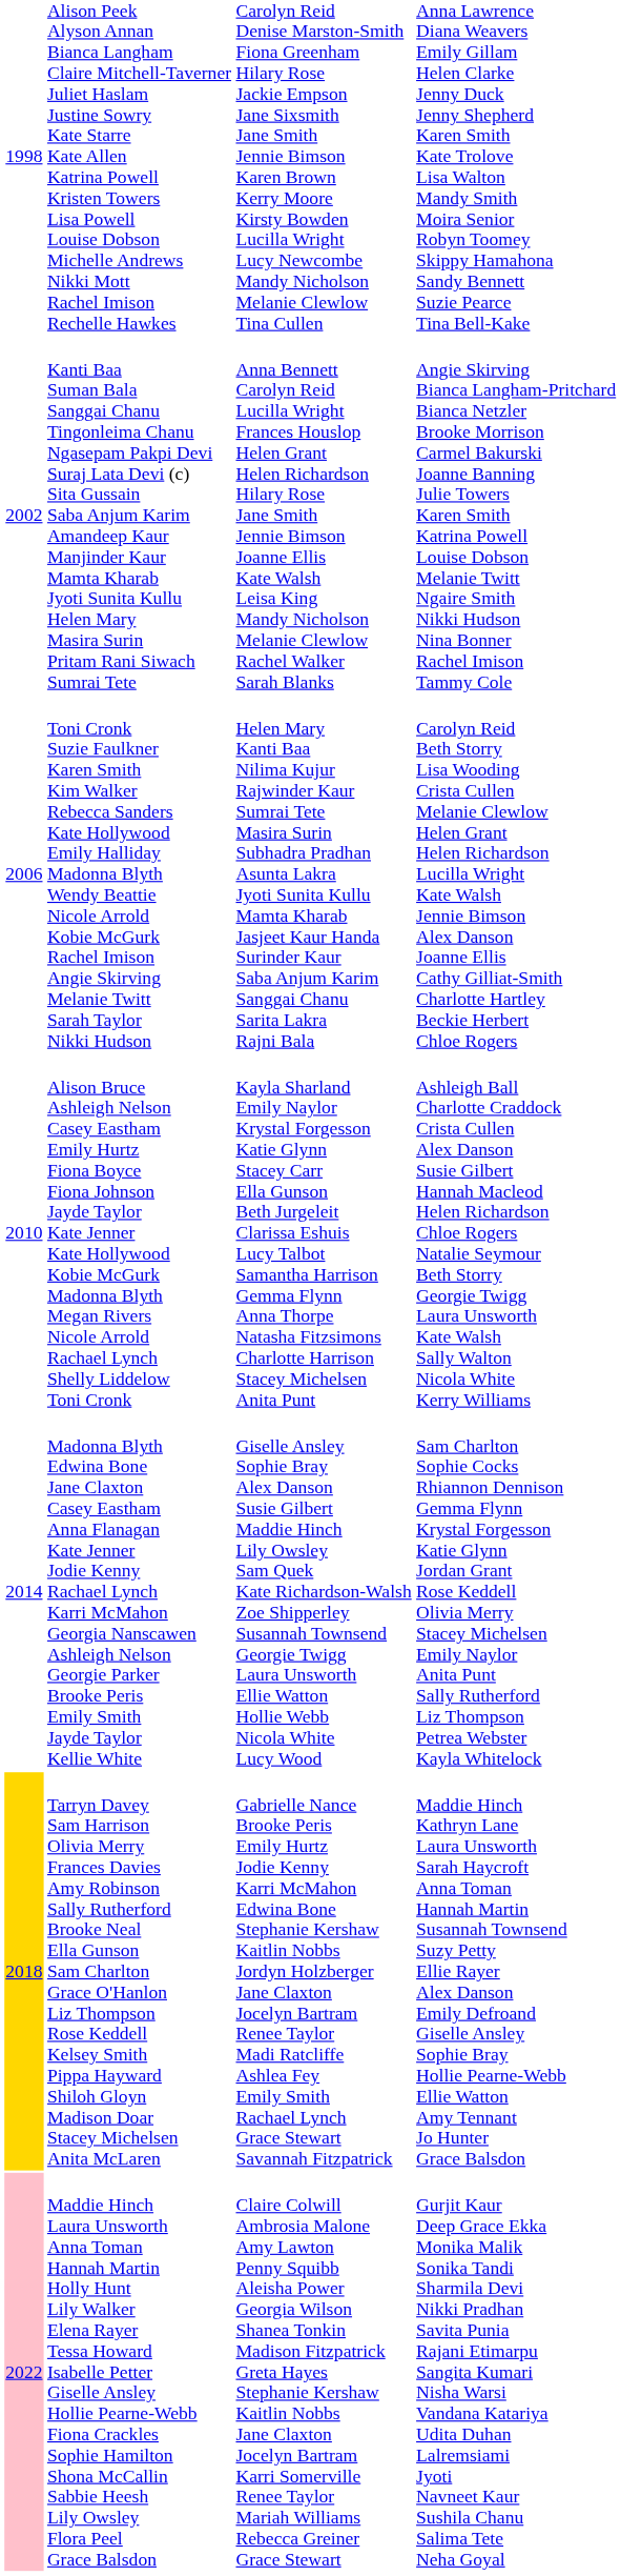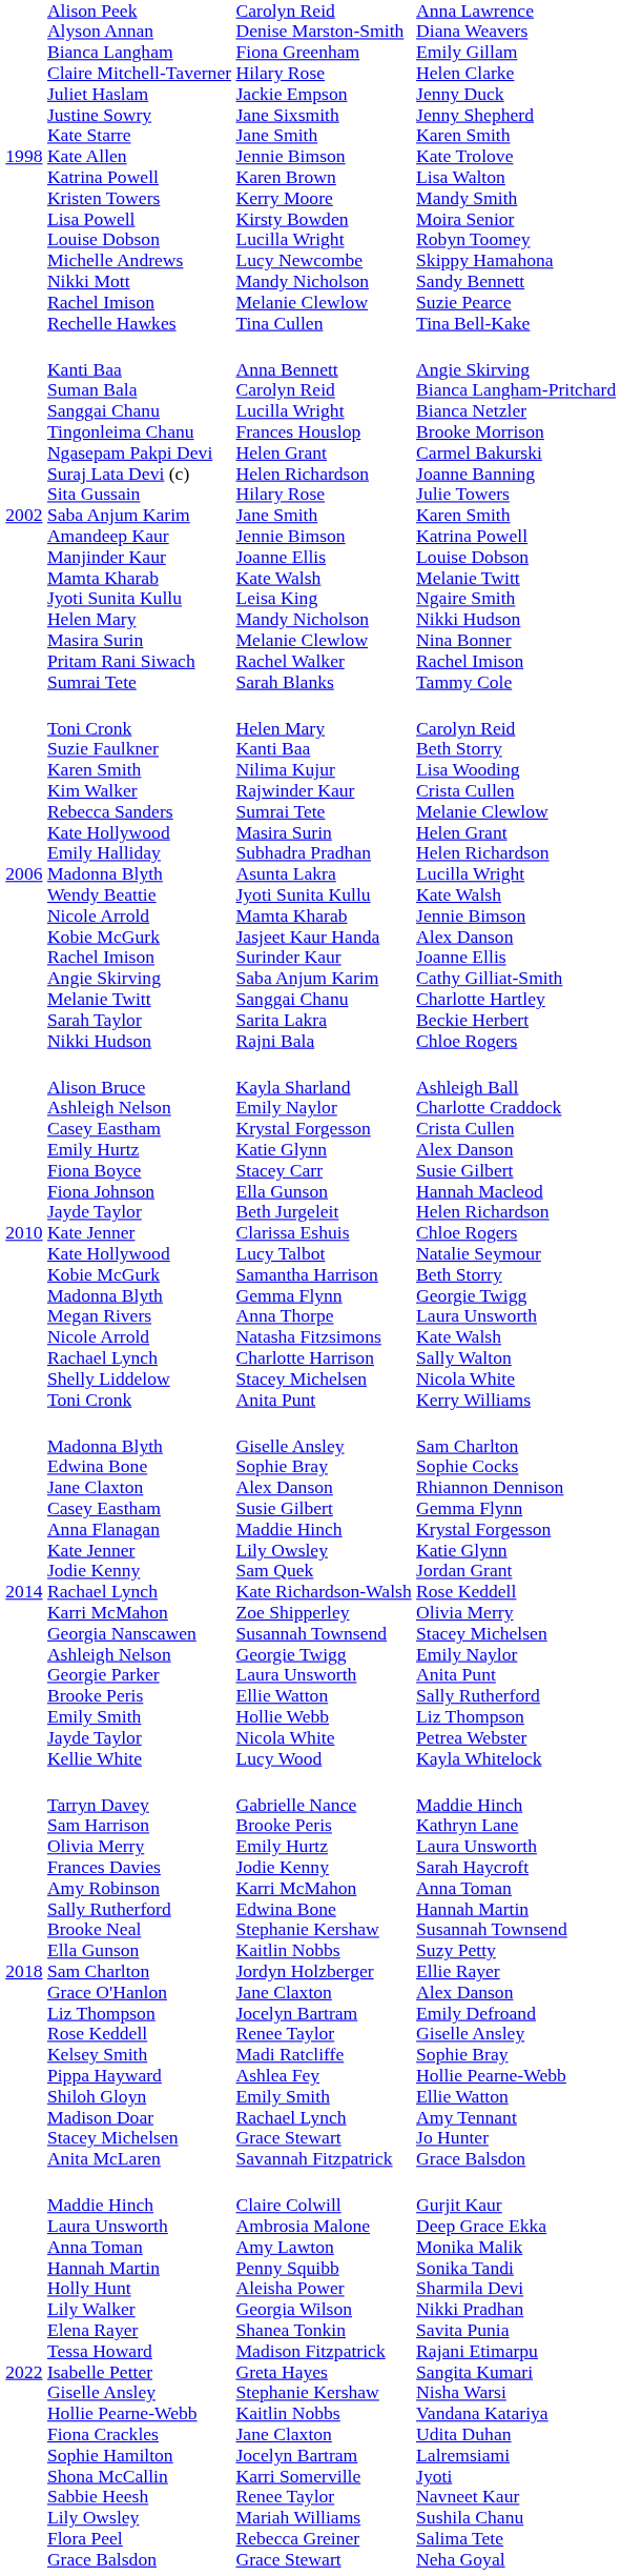 <table>
 <tr>
 <td><a href='#'>1998</a></td>
 <td><br><a href='#'>Alison Peek</a><br><a href='#'>Alyson Annan</a><br><a href='#'>Bianca Langham</a><br><a href='#'>Claire Mitchell-Taverner</a><br><a href='#'>Juliet Haslam</a><br><a href='#'>Justine Sowry</a><br><a href='#'>Kate Starre</a><br><a href='#'>Kate Allen</a><br><a href='#'>Katrina Powell</a><br><a href='#'>Kristen Towers</a><br><a href='#'>Lisa Powell</a><br><a href='#'>Louise Dobson</a><br><a href='#'>Michelle Andrews</a><br><a href='#'>Nikki Mott</a><br><a href='#'>Rachel Imison</a><br><a href='#'>Rechelle Hawkes</a></td>
 <td><br><a href='#'>Carolyn Reid</a><br><a href='#'>Denise Marston-Smith</a><br><a href='#'>Fiona Greenham</a><br><a href='#'>Hilary Rose</a><br><a href='#'>Jackie Empson</a><br><a href='#'>Jane Sixsmith</a><br><a href='#'>Jane Smith</a><br><a href='#'>Jennie Bimson</a><br><a href='#'>Karen Brown</a><br><a href='#'>Kerry Moore</a><br><a href='#'>Kirsty Bowden</a><br><a href='#'>Lucilla Wright</a><br><a href='#'>Lucy Newcombe</a><br><a href='#'>Mandy Nicholson</a><br><a href='#'>Melanie Clewlow</a><br><a href='#'>Tina Cullen</a></td>
 <td><br><a href='#'>Anna Lawrence</a><br><a href='#'>Diana Weavers</a><br><a href='#'>Emily Gillam</a><br><a href='#'>Helen Clarke</a><br><a href='#'>Jenny Duck</a><br><a href='#'>Jenny Shepherd</a><br><a href='#'>Karen Smith</a><br><a href='#'>Kate Trolove</a><br><a href='#'>Lisa Walton</a><br><a href='#'>Mandy Smith</a><br><a href='#'>Moira Senior</a><br><a href='#'>Robyn Toomey</a><br><a href='#'>Skippy Hamahona</a><br><a href='#'>Sandy Bennett</a><br><a href='#'>Suzie Pearce</a><br><a href='#'>Tina Bell-Kake</a></td>
 </tr>
 <tr>
 <td><a href='#'>2002</a></td>
 <td><br><a href='#'>Kanti Baa</a><br><a href='#'>Suman Bala</a><br><a href='#'>Sanggai Chanu</a><br><a href='#'>Tingonleima Chanu</a><br><a href='#'>Ngasepam Pakpi Devi</a><br><a href='#'>Suraj Lata Devi</a> (c)<br><a href='#'>Sita Gussain</a><br><a href='#'>Saba Anjum Karim</a><br><a href='#'>Amandeep Kaur</a><br><a href='#'>Manjinder Kaur</a><br><a href='#'>Mamta Kharab</a><br><a href='#'>Jyoti Sunita Kullu</a><br><a href='#'>Helen Mary</a><br><a href='#'>Masira Surin</a><br><a href='#'>Pritam Rani Siwach</a><br><a href='#'>Sumrai Tete</a></td>
 <td><br><a href='#'>Anna Bennett</a><br><a href='#'>Carolyn Reid</a><br><a href='#'>Lucilla Wright</a><br><a href='#'>Frances Houslop</a><br><a href='#'>Helen Grant</a><br><a href='#'>Helen Richardson</a><br><a href='#'>Hilary Rose</a><br><a href='#'>Jane Smith</a><br><a href='#'>Jennie Bimson</a><br><a href='#'>Joanne Ellis</a><br><a href='#'>Kate Walsh</a><br><a href='#'>Leisa King</a><br><a href='#'>Mandy Nicholson</a><br><a href='#'>Melanie Clewlow</a><br><a href='#'>Rachel Walker</a><br><a href='#'>Sarah Blanks</a></td>
 <td><br><a href='#'>Angie Skirving</a><br><a href='#'>Bianca Langham-Pritchard</a><br><a href='#'>Bianca Netzler</a><br><a href='#'>Brooke Morrison</a><br><a href='#'>Carmel Bakurski</a><br><a href='#'>Joanne Banning</a><br><a href='#'>Julie Towers</a><br><a href='#'>Karen Smith</a><br><a href='#'>Katrina Powell</a><br><a href='#'>Louise Dobson</a><br><a href='#'>Melanie Twitt</a><br><a href='#'>Ngaire Smith</a><br><a href='#'>Nikki Hudson</a><br><a href='#'>Nina Bonner</a><br><a href='#'>Rachel Imison</a><br><a href='#'>Tammy Cole</a></td>
 </tr>
 <tr>
 <td><a href='#'>2006</a></td>
 <td><br><a href='#'>Toni Cronk</a><br><a href='#'>Suzie Faulkner</a><br><a href='#'>Karen Smith</a><br><a href='#'>Kim Walker</a><br><a href='#'>Rebecca Sanders</a><br><a href='#'>Kate Hollywood</a><br><a href='#'>Emily Halliday</a><br><a href='#'>Madonna Blyth</a><br><a href='#'>Wendy Beattie</a><br><a href='#'>Nicole Arrold</a><br><a href='#'>Kobie McGurk</a><br><a href='#'>Rachel Imison</a><br><a href='#'>Angie Skirving</a><br><a href='#'>Melanie Twitt</a><br><a href='#'>Sarah Taylor</a><br><a href='#'>Nikki Hudson</a></td>
 <td><br><a href='#'>Helen Mary</a><br><a href='#'>Kanti Baa</a><br><a href='#'>Nilima Kujur</a><br><a href='#'>Rajwinder Kaur</a><br><a href='#'>Sumrai Tete</a><br><a href='#'>Masira Surin</a><br><a href='#'>Subhadra Pradhan</a><br><a href='#'>Asunta Lakra</a><br><a href='#'>Jyoti Sunita Kullu</a><br><a href='#'>Mamta Kharab</a><br><a href='#'>Jasjeet Kaur Handa</a><br><a href='#'>Surinder Kaur</a><br><a href='#'>Saba Anjum Karim</a><br><a href='#'>Sanggai Chanu</a><br><a href='#'>Sarita Lakra</a><br><a href='#'>Rajni Bala</a></td>
 <td><br><a href='#'>Carolyn Reid</a><br><a href='#'>Beth Storry</a><br><a href='#'>Lisa Wooding</a><br><a href='#'>Crista Cullen</a><br><a href='#'>Melanie Clewlow</a><br><a href='#'>Helen Grant</a><br><a href='#'>Helen Richardson</a><br><a href='#'>Lucilla Wright</a><br><a href='#'>Kate Walsh</a><br><a href='#'>Jennie Bimson</a><br><a href='#'>Alex Danson</a><br><a href='#'>Joanne Ellis</a><br><a href='#'>Cathy Gilliat-Smith</a><br><a href='#'>Charlotte Hartley</a><br><a href='#'>Beckie Herbert</a><br><a href='#'>Chloe Rogers</a></td>
 </tr>
 <tr>
 <td><a href='#'>2010</a></td>
 <td><br><a href='#'>Alison Bruce</a><br><a href='#'>Ashleigh Nelson</a><br><a href='#'>Casey Eastham</a><br><a href='#'>Emily Hurtz</a><br><a href='#'>Fiona Boyce</a><br><a href='#'>Fiona Johnson</a><br><a href='#'>Jayde Taylor</a><br><a href='#'>Kate Jenner</a><br><a href='#'>Kate Hollywood</a><br><a href='#'>Kobie McGurk</a><br><a href='#'>Madonna Blyth</a><br><a href='#'>Megan Rivers</a><br><a href='#'>Nicole Arrold</a><br><a href='#'>Rachael Lynch</a><br><a href='#'>Shelly Liddelow</a><br><a href='#'>Toni Cronk</a></td>
 <td><br><a href='#'>Kayla Sharland</a><br><a href='#'>Emily Naylor</a><br><a href='#'>Krystal Forgesson</a><br><a href='#'>Katie Glynn</a><br><a href='#'>Stacey Carr</a><br><a href='#'>Ella Gunson</a><br><a href='#'>Beth Jurgeleit</a><br><a href='#'>Clarissa Eshuis</a><br><a href='#'>Lucy Talbot</a><br><a href='#'>Samantha Harrison</a><br><a href='#'>Gemma Flynn</a><br><a href='#'>Anna Thorpe</a><br><a href='#'>Natasha Fitzsimons</a><br><a href='#'>Charlotte Harrison</a><br><a href='#'>Stacey Michelsen</a><br><a href='#'>Anita Punt</a></td>
 <td><br><a href='#'>Ashleigh Ball</a><br><a href='#'>Charlotte Craddock</a><br><a href='#'>Crista Cullen</a><br><a href='#'>Alex Danson</a><br><a href='#'>Susie Gilbert</a><br><a href='#'>Hannah Macleod</a><br><a href='#'>Helen Richardson</a><br><a href='#'>Chloe Rogers</a><br><a href='#'>Natalie Seymour</a><br><a href='#'>Beth Storry</a><br><a href='#'>Georgie Twigg</a><br><a href='#'>Laura Unsworth</a><br><a href='#'>Kate Walsh</a><br><a href='#'>Sally Walton</a><br><a href='#'>Nicola White</a><br><a href='#'>Kerry Williams</a></td>
 </tr>
 <tr>
 <td><a href='#'>2014</a></td>
 <td><br><a href='#'>Madonna Blyth</a><br> <a href='#'>Edwina Bone</a><br> <a href='#'>Jane Claxton</a><br> <a href='#'>Casey Eastham</a><br> <a href='#'>Anna Flanagan</a><br> <a href='#'>Kate Jenner</a><br> <a href='#'>Jodie Kenny</a><br> <a href='#'>Rachael Lynch</a><br> <a href='#'>Karri McMahon</a><br> <a href='#'>Georgia Nanscawen</a><br><a href='#'>Ashleigh Nelson</a><br> <a href='#'>Georgie Parker</a><br> <a href='#'>Brooke Peris</a><br> <a href='#'>Emily Smith</a><br> <a href='#'>Jayde Taylor</a><br> <a href='#'>Kellie White</a></td>
 <td><br><a href='#'>Giselle Ansley</a><br> <a href='#'>Sophie Bray</a><br> <a href='#'>Alex Danson</a><br> <a href='#'>Susie Gilbert</a><br> <a href='#'>Maddie Hinch</a><br> <a href='#'>Lily Owsley</a><br> <a href='#'>Sam Quek</a><br> <a href='#'>Kate Richardson-Walsh</a><br> <a href='#'>Zoe Shipperley</a><br> <a href='#'>Susannah Townsend</a><br> <a href='#'>Georgie Twigg</a><br> <a href='#'>Laura Unsworth</a><br> <a href='#'>Ellie Watton</a><br> <a href='#'>Hollie Webb</a><br> <a href='#'>Nicola White</a><br> <a href='#'>Lucy Wood</a></td>
 <td><br><a href='#'>Sam Charlton</a><br> <a href='#'>Sophie Cocks</a><br> <a href='#'>Rhiannon Dennison</a><br> <a href='#'>Gemma Flynn</a><br> <a href='#'>Krystal Forgesson</a><br> <a href='#'>Katie Glynn</a><br> <a href='#'>Jordan Grant</a><br> <a href='#'>Rose Keddell</a><br> <a href='#'>Olivia Merry</a><br> <a href='#'>Stacey Michelsen</a><br> <a href='#'>Emily Naylor</a><br> <a href='#'>Anita Punt</a><br> <a href='#'>Sally Rutherford</a><br> <a href='#'>Liz Thompson</a><br> <a href='#'>Petrea Webster</a><br> <a href='#'>Kayla Whitelock</a></td>
 </tr>
 <tr>
-<td style="background: gold;"><a href='#'>2018</a><br></td>
+<td><a href='#'>2018</a><br></td>
 <td><br><a href='#'>Tarryn Davey</a><br><a href='#'>Sam Harrison</a><br><a href='#'>Olivia Merry</a><br><a href='#'>Frances Davies</a><br><a href='#'>Amy Robinson</a><br><a href='#'>Sally Rutherford</a><br><a href='#'>Brooke Neal</a><br><a href='#'>Ella Gunson</a><br><a href='#'>Sam Charlton</a><br><a href='#'>Grace O'Hanlon</a><br><a href='#'>Liz Thompson</a><br><a href='#'>Rose Keddell</a><br><a href='#'>Kelsey Smith</a><br><a href='#'>Pippa Hayward</a><br><a href='#'>Shiloh Gloyn</a><br><a href='#'>Madison Doar</a><br><a href='#'>Stacey Michelsen</a><br><a href='#'>Anita McLaren</a></td>
 <td><br><a href='#'>Gabrielle Nance</a><br><a href='#'>Brooke Peris</a><br><a href='#'>Emily Hurtz</a><br><a href='#'>Jodie Kenny</a><br><a href='#'>Karri McMahon</a><br><a href='#'>Edwina Bone</a><br><a href='#'>Stephanie Kershaw</a><br><a href='#'>Kaitlin Nobbs</a><br><a href='#'>Jordyn Holzberger</a><br><a href='#'>Jane Claxton</a><br><a href='#'>Jocelyn Bartram</a><br><a href='#'>Renee Taylor</a><br><a href='#'>Madi Ratcliffe</a><br><a href='#'>Ashlea Fey</a><br><a href='#'>Emily Smith</a><br><a href='#'>Rachael Lynch</a><br><a href='#'>Grace Stewart</a><br><a href='#'>Savannah Fitzpatrick</a></td>
 <td><br><a href='#'>Maddie Hinch</a><br><a href='#'>Kathryn Lane</a><br><a href='#'>Laura Unsworth</a><br><a href='#'>Sarah Haycroft</a><br><a href='#'>Anna Toman</a><br><a href='#'>Hannah Martin</a><br><a href='#'>Susannah Townsend</a><br><a href='#'>Suzy Petty</a><br><a href='#'>Ellie Rayer</a><br><a href='#'>Alex Danson</a><br><a href='#'>Emily Defroand</a><br><a href='#'>Giselle Ansley</a><br><a href='#'>Sophie Bray</a><br><a href='#'>Hollie Pearne-Webb</a><br><a href='#'>Ellie Watton</a><br><a href='#'>Amy Tennant</a><br><a href='#'>Jo Hunter</a><br><a href='#'>Grace Balsdon</a></td>
 </tr>
 <tr>
-<td style="background: pink;"><a href='#'>2022</a></td>
+<td><a href='#'>2022</a></td>
 <td><br><a href='#'>Maddie Hinch</a><br><a href='#'>Laura Unsworth</a><br><a href='#'>Anna Toman</a><br><a href='#'>Hannah Martin</a><br><a href='#'>Holly Hunt</a><br><a href='#'>Lily Walker</a><br><a href='#'>Elena Rayer</a><br><a href='#'>Tessa Howard</a><br><a href='#'>Isabelle Petter</a><br><a href='#'>Giselle Ansley</a><br><a href='#'>Hollie Pearne-Webb</a><br><a href='#'>Fiona Crackles</a><br><a href='#'>Sophie Hamilton</a><br><a href='#'>Shona McCallin</a><br><a href='#'>Sabbie Heesh</a><br><a href='#'>Lily Owsley</a><br><a href='#'>Flora Peel</a><br><a href='#'>Grace Balsdon</a></td>
 <td><br><a href='#'>Claire Colwill</a><br><a href='#'>Ambrosia Malone</a><br><a href='#'>Amy Lawton</a><br><a href='#'>Penny Squibb</a><br><a href='#'>Aleisha Power</a><br><a href='#'>Georgia Wilson</a><br><a href='#'>Shanea Tonkin</a><br><a href='#'>Madison Fitzpatrick</a><br><a href='#'>Greta Hayes</a><br><a href='#'>Stephanie Kershaw</a><br><a href='#'>Kaitlin Nobbs</a><br><a href='#'>Jane Claxton</a><br><a href='#'>Jocelyn Bartram</a><br><a href='#'>Karri Somerville</a><br><a href='#'>Renee Taylor</a><br><a href='#'>Mariah Williams</a><br><a href='#'>Rebecca Greiner</a><br><a href='#'>Grace Stewart</a></td>
 <td><br><a href='#'>Gurjit Kaur</a><br><a href='#'>Deep Grace Ekka</a><br><a href='#'>Monika Malik</a><br><a href='#'>Sonika Tandi</a><br><a href='#'>Sharmila Devi</a><br><a href='#'>Nikki Pradhan</a><br><a href='#'>Savita Punia</a><br><a href='#'>Rajani Etimarpu</a><br><a href='#'>Sangita Kumari</a><br><a href='#'>Nisha Warsi</a><br><a href='#'>Vandana Katariya</a><br><a href='#'>Udita Duhan</a><br><a href='#'>Lalremsiami</a><br><a href='#'>Jyoti</a><br><a href='#'>Navneet Kaur</a><br><a href='#'>Sushila Chanu</a><br><a href='#'>Salima Tete</a><br><a href='#'>Neha Goyal</a></td>
 </tr>
 </table>
